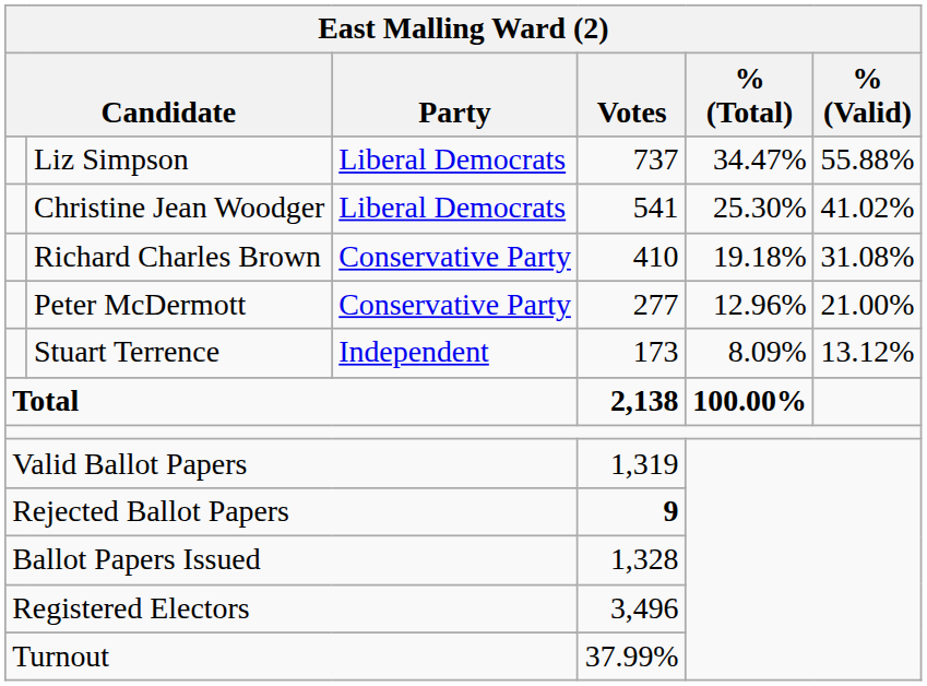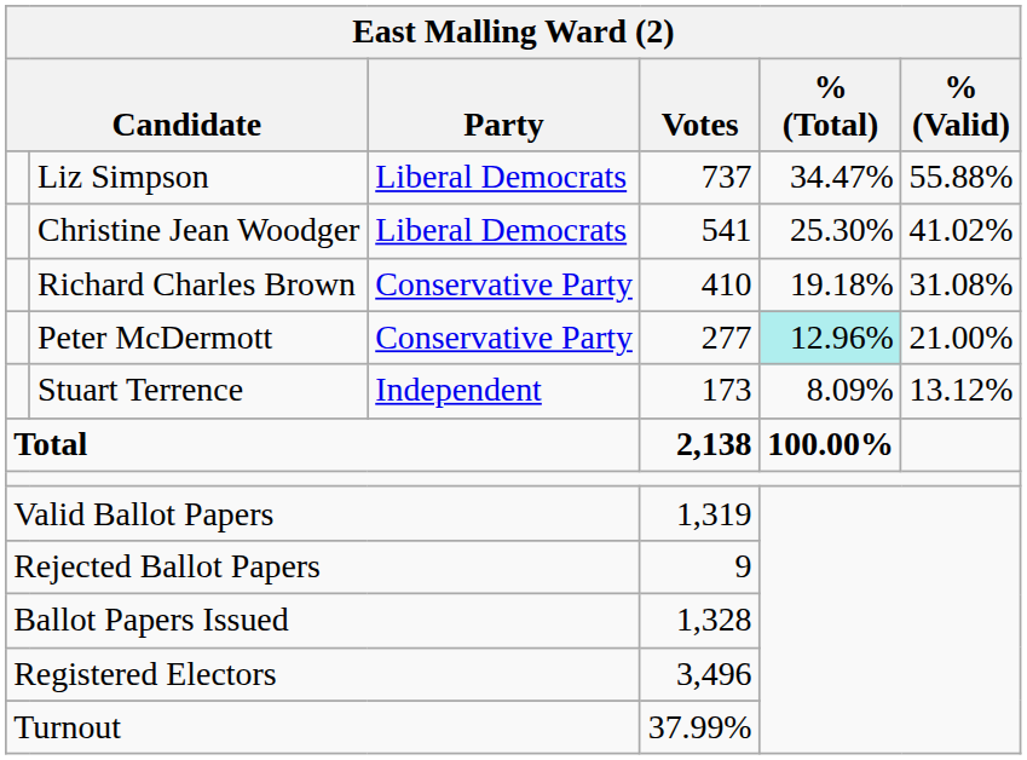 <table class="wikitable" border="1" style="text-align:right; font-size:100%">
 <tr>
 <th align=center colspan=6>East Malling Ward (2)</th>
 </tr>
 <tr>
 <th valign=bottom align=left colspan=2>Candidate</th>
 <th valign=bottom align=left>Party</th>
 <th valign=bottom align=center>Votes</th>
 <th align=center>%<br>(Total)</th>
 <th align=center>%<br>(Valid)</th>
 </tr>
 <tr>
 <td bgcolor=> </td>
 <td align=left>Liz Simpson</td>
 <td align=left><a href='#'>Liberal Democrats</a></td>
 <td>737</td>
 <td>34.47%</td>
 <td>55.88%</td>
 </tr>
 <tr>
 <td bgcolor=> </td>
 <td align=left>Christine Jean Woodger</td>
 <td align=left><a href='#'>Liberal Democrats</a></td>
 <td>541</td>
 <td>25.30%</td>
 <td>41.02%</td>
 </tr>
 <tr>
 <td bgcolor=> </td>
 <td align=left>Richard Charles Brown</td>
 <td align=left><a href='#'>Conservative Party</a></td>
 <td>410</td>
 <td>19.18%</td>
 <td>31.08%</td>
 </tr>
 <tr>
 <td bgcolor=> </td>
 <td align=left>Peter McDermott</td>
 <td align=left><a href='#'>Conservative Party</a></td>
 <td>277</td>
-<td>12.96%</td>
+<td style="background: paleturquoise;">12.96%</td>
 <td>21.00%</td>
 </tr>
 <tr>
 <td></td>
 <td align=left>Stuart Terrence</td>
 <td align=left><a href='#'>Independent</a></td>
 <td>173</td>
 <td>8.09%</td>
 <td>13.12%</td>
 </tr>
 <tr>
 <td align=left colspan=3><strong>Total</strong></td>
 <td><strong>2,138</strong></td>
 <td><strong>100.00%</strong></td>
 <td></td>
 </tr>
 <tr>
 <td align=left colspan=6></td>
 </tr>
 <tr>
 <td align=left colspan=3>Valid Ballot Papers</td>
 <td>1,319</td>
 <td colspan=2 rowspan=5></td>
 </tr>
 <tr>
 <td align=left colspan=3>Rejected Ballot Papers</td>
-<td><strong>9</strong></td>
+<td>9</td>
 </tr>
 <tr>
 <td align=left colspan=3>Ballot Papers Issued</td>
 <td>1,328</td>
 </tr>
 <tr>
 <td align=left colspan=3>Registered Electors</td>
 <td>3,496</td>
 </tr>
 <tr>
 <td align=left colspan=3>Turnout</td>
 <td>37.99%</td>
 </tr>
 </table>
